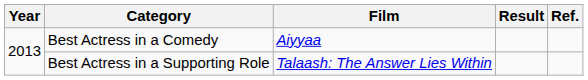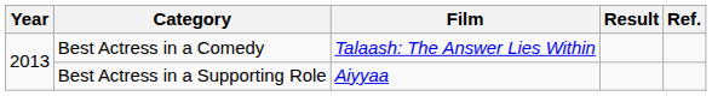 <table class="wikitable">
 <tr>
 <th>Year</th>
 <th>Category</th>
 <th>Film</th>
 <th>Result</th>
 <th>Ref.</th>
 </tr>
 <tr>
 <td rowspan="2">2013</td>
 <td>Best Actress in a Comedy</td>
-<td><em><a href='#'>Aiyyaa</a></em></td>
+<td><em><a href='#'>Talaash: The Answer Lies Within</a></em></td>
 <td></td>
 <td></td>
 </tr>
 <tr>
 <td>Best Actress in a Supporting Role</td>
-<td><em><a href='#'>Talaash: The Answer Lies Within</a></em></td>
+<td><em><a href='#'>Aiyyaa</a></em></td>
 <td></td>
 <td></td>
 </tr>
 </table>
